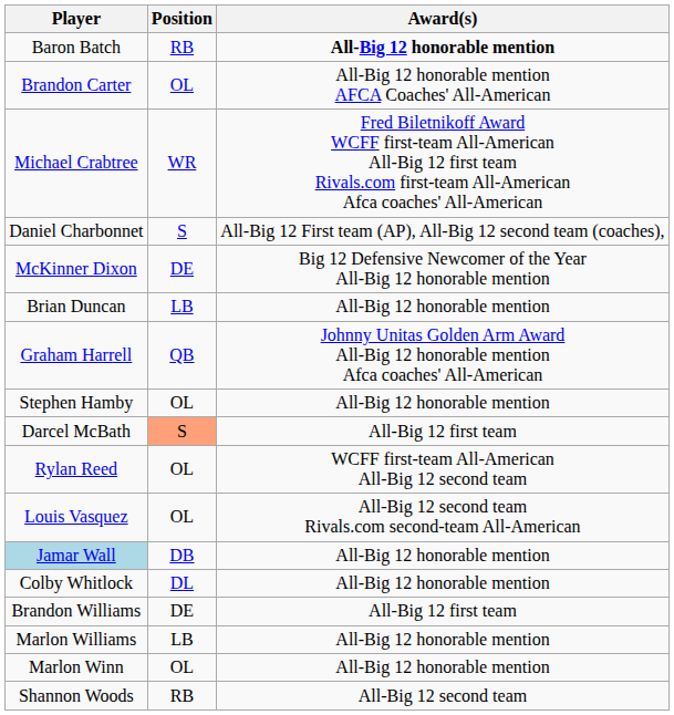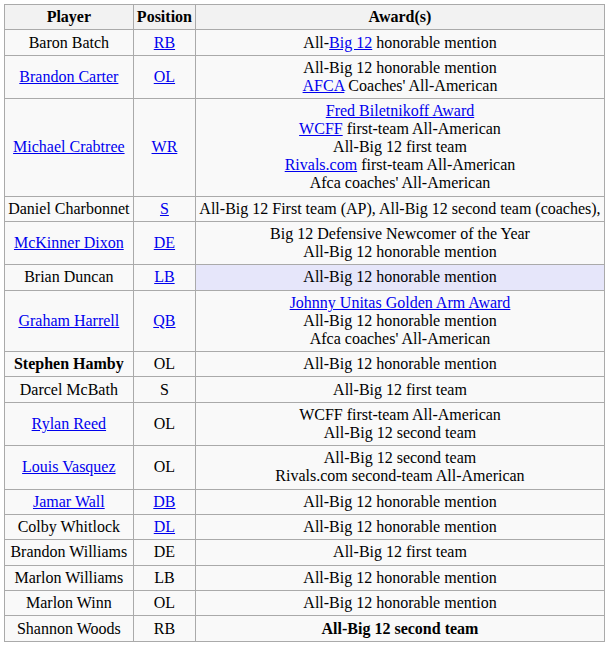 <table class="wikitable sortable" style="text-align:center">
 <tr>
 <th>Player</th>
 <th>Position</th>
 <th>Award(s)</th>
 </tr>
 <tr>
 <td>Baron Batch</td>
 <td><a href='#'>RB</a></td>
-<td><strong>All-<a href='#'>Big 12</a> honorable mention</strong></td>
+<td>All-<a href='#'>Big 12</a> honorable mention</td>
 </tr>
 <tr>
 <td><a href='#'>Brandon Carter</a></td>
 <td><a href='#'>OL</a></td>
 <td>All-Big 12 honorable mention<br><a href='#'>AFCA</a> Coaches' All-American</td>
 </tr>
 <tr>
 <td><a href='#'>Michael Crabtree</a></td>
 <td><a href='#'>WR</a></td>
 <td><a href='#'>Fred Biletnikoff Award</a><br><a href='#'>WCFF</a> first-team All-American<br>All-Big 12 first team<br><a href='#'>Rivals.com</a> first-team All-American<br>Afca coaches' All-American</td>
 </tr>
 <tr>
 <td>Daniel Charbonnet</td>
 <td><a href='#'>S</a></td>
 <td>All-Big 12 First team (AP), All-Big 12 second team (coaches),</td>
 </tr>
 <tr>
 <td><a href='#'>McKinner Dixon</a></td>
 <td><a href='#'>DE</a></td>
 <td>Big 12 Defensive Newcomer of the Year<br>All-Big 12 honorable mention</td>
 </tr>
 <tr>
 <td>Brian Duncan</td>
 <td><a href='#'>LB</a></td>
-<td>All-Big 12 honorable mention</td>
+<td style="background: lavender;">All-Big 12 honorable mention</td>
 </tr>
 <tr>
 <td><a href='#'>Graham Harrell</a></td>
 <td><a href='#'>QB</a></td>
 <td><a href='#'>Johnny Unitas Golden Arm Award</a><br>All-Big 12 honorable mention<br>Afca coaches' All-American</td>
 </tr>
 <tr>
-<td>Stephen Hamby</td>
+<td><strong>Stephen Hamby</strong></td>
 <td>OL</td>
 <td>All-Big 12 honorable mention</td>
 </tr>
 <tr>
 <td>Darcel McBath</td>
-<td style="background: lightsalmon;">S</td>
+<td>S</td>
 <td>All-Big 12 first team</td>
 </tr>
 <tr>
 <td><a href='#'>Rylan Reed</a></td>
 <td>OL</td>
 <td>WCFF first-team All-American<br>All-Big 12 second team</td>
 </tr>
 <tr>
 <td><a href='#'>Louis Vasquez</a></td>
 <td>OL</td>
 <td>All-Big 12 second team<br>Rivals.com second-team All-American</td>
 </tr>
 <tr>
-<td style="background: lightblue;"><a href='#'>Jamar Wall</a></td>
+<td><a href='#'>Jamar Wall</a></td>
 <td><a href='#'>DB</a></td>
 <td>All-Big 12 honorable mention</td>
 </tr>
 <tr>
 <td>Colby Whitlock</td>
 <td><a href='#'>DL</a></td>
 <td>All-Big 12 honorable mention</td>
 </tr>
 <tr>
 <td>Brandon Williams</td>
 <td>DE</td>
 <td>All-Big 12 first team</td>
 </tr>
 <tr>
 <td>Marlon Williams</td>
 <td>LB</td>
 <td>All-Big 12 honorable mention</td>
 </tr>
 <tr>
 <td>Marlon Winn</td>
 <td>OL</td>
 <td>All-Big 12 honorable mention</td>
 </tr>
 <tr>
 <td>Shannon Woods</td>
 <td>RB</td>
-<td>All-Big 12 second team</td>
+<td><strong>All-Big 12 second team</strong></td>
 </tr>
 </table>
